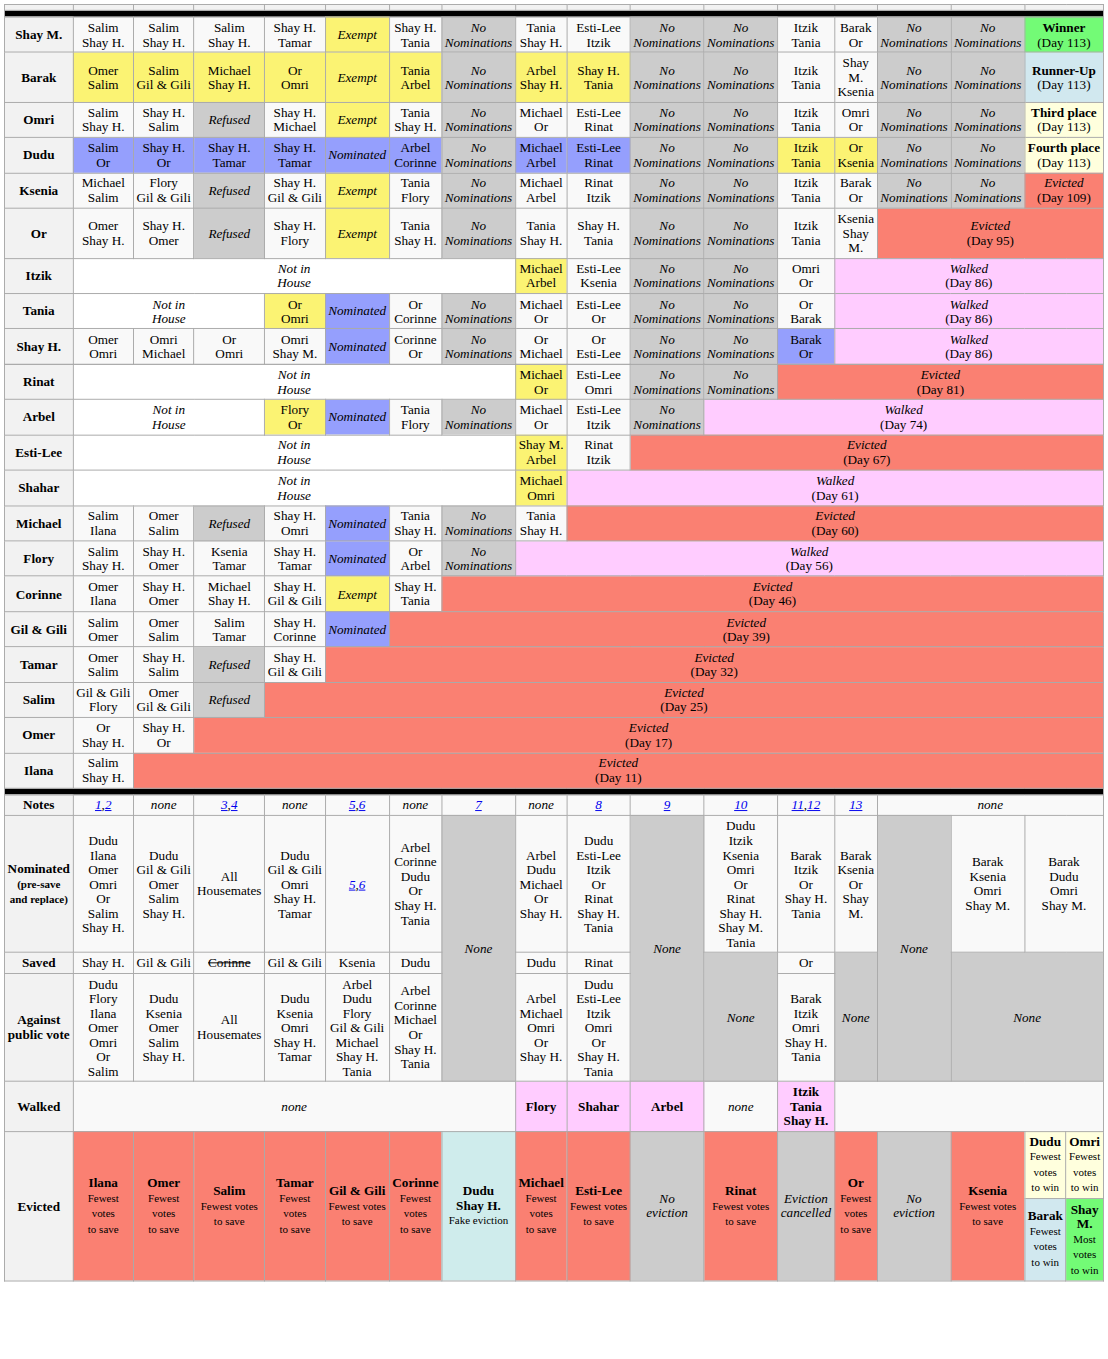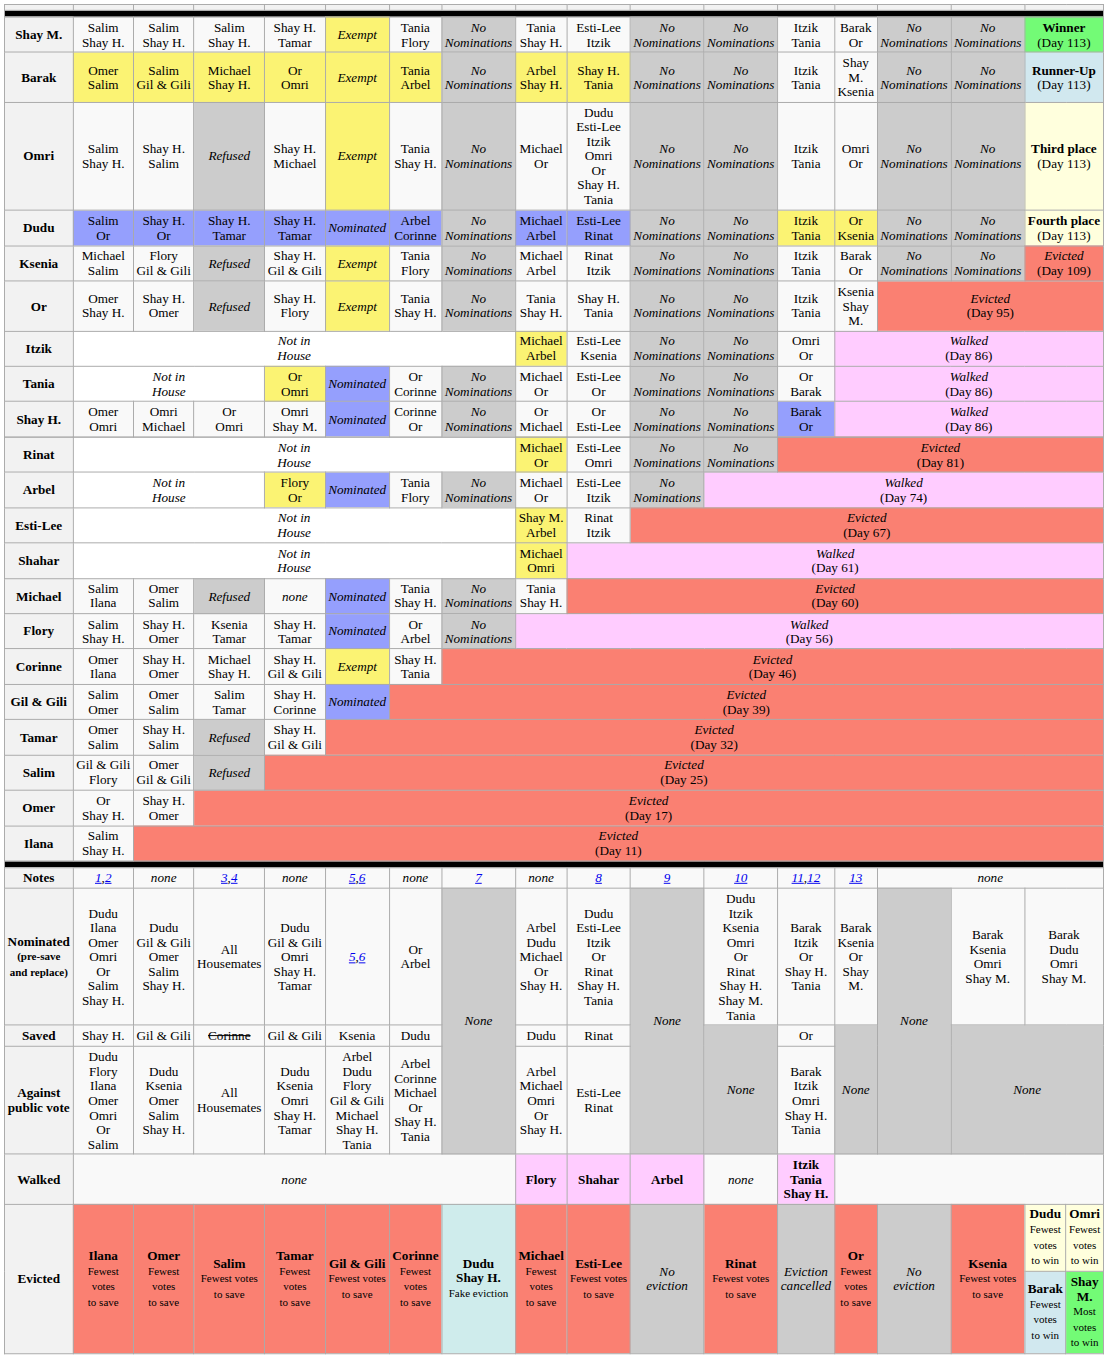 <table class="wikitable" style="font-size:85%; line-height:15px; text-align:center">
 <tr>
 <th style="width: 5%;"></th>
 <th style="width: 5%;"></th>
 <th style="width: 5%;"></th>
 <th style="width: 5%;"></th>
 <th style="width: 5%;"></th>
 <th style="width: 5%;"></th>
 <th style="width: 5%;"></th>
 <th style="width: 5%;"></th>
 <th style="width: 5%;"></th>
 <th style="width: 5%;"></th>
 <th style="width: 5%;"></th>
 <th style="width: 5%;"></th>
 <th style="width: 5%;"></th>
 <th style="width: 5%;"></th>
 <th style="width: 5%;"></th>
 <th style="width: 5%;"></th>
 <th style="width: 10%;" colspan="2"></th>
 </tr>
 <tr>
 <td colspan="18" style="background-color: black;"></td>
 </tr>
 <tr>
 <th>Shay M.</th>
 <td>Salim<br>Shay H.</td>
 <td>Salim<br>Shay H.</td>
 <td>Salim<br>Shay H.</td>
 <td>Shay H.<br>Tamar</td>
 <td style="background:#FBF373"><em>Exempt</em></td>
-<td>Shay H.<br>Tania</td>
+<td>Tania<br>Flory</td>
 <td style="background:#CCC"><em>No<br>Nominations</em></td>
 <td>Tania<br>Shay H.</td>
 <td>Esti-Lee<br>Itzik</td>
 <td style="background:#CCC"><em>No<br>Nominations</em></td>
 <td style="background:#CCC"><em>No<br>Nominations</em></td>
 <td>Itzik<br>Tania</td>
 <td>Barak<br>Or</td>
 <td style="background:#CCC"><em>No<br>Nominations</em></td>
 <td style="background:#CCC"><em>No<br>Nominations</em></td>
 <td colspan="2" style="background:#73FB76"><strong>Winner</strong><br>(Day 113)</td>
 </tr>
 <tr>
 <th>Barak</th>
 <td style="background:#FBF373">Omer<br>Salim</td>
 <td style="background:#FBF373" nowrap>Salim<br>Gil & Gili</td>
 <td style="background:#FBF373">Michael<br>Shay H.</td>
 <td style="background:#FBF373;">Or<br>Omri</td>
 <td style="background:#FBF373"><em>Exempt</em></td>
 <td style="background:#FBF373">Tania<br>Arbel</td>
 <td style="background:#CCC"><em>No<br>Nominations</em></td>
 <td style="background:#FBF373">Arbel<br>Shay H.</td>
 <td style="background:#FBF373">Shay H.<br>Tania</td>
 <td style="background:#CCC"><em>No<br>Nominations</em></td>
 <td style="background:#CCC"><em>No<br>Nominations</em></td>
 <td>Itzik<br>Tania</td>
 <td>Shay M.<br>Ksenia</td>
 <td style="background:#CCC"><em>No<br>Nominations</em></td>
 <td style="background:#CCC"><em>No<br>Nominations</em></td>
 <td colspan="2" style="background:#D1E8EF"><strong>Runner-Up</strong><br>(Day 113)</td>
 </tr>
 <tr>
 <th>Omri</th>
 <td>Salim<br>Shay H.</td>
 <td>Shay H.<br>Salim</td>
 <td style="background:#CCCCCC"><em>Refused</em></td>
 <td>Shay H.<br>Michael</td>
 <td style="background:#FBF373"><em>Exempt</em></td>
 <td>Tania<br>Shay H.</td>
 <td style="background:#CCC"><em>No<br>Nominations</em></td>
 <td>Michael<br>Or</td>
-<td>Esti-Lee<br>Rinat</td>
+<td>Dudu<br>Esti-Lee<br>Itzik<br>Omri<br>Or<br>Shay H.<br>Tania</td>
 <td style="background:#CCC"><em>No<br>Nominations</em></td>
 <td style="background:#CCC"><em>No<br>Nominations</em></td>
 <td>Itzik<br>Tania</td>
 <td>Omri<br>Or</td>
 <td style="background:#CCC"><em>No<br>Nominations</em></td>
 <td style="background:#CCC"><em>No<br>Nominations</em></td>
 <td colspan="2" style="background:#FFFFDD"><strong>Third place</strong><br>(Day 113)</td>
 </tr>
 <tr>
 <th>Dudu</th>
 <td style="background:#959ffd">Salim<br>Or</td>
 <td style="background:#959ffd">Shay H.<br>Or</td>
 <td style="background:#959ffd">Shay H. <br>Tamar</td>
 <td style="background:#959ffd">Shay H.<br>Tamar</td>
 <td style="background:#959ffd"><em>Nominated</em></td>
 <td style="background:#959ffd">Arbel<br>Corinne</td>
 <td style="background:#CCC"><em>No<br>Nominations</em></td>
 <td style="background:#959ffd">Michael<br>Arbel</td>
 <td style="background:#959ffd">Esti-Lee<br>Rinat</td>
 <td style="background:#CCC"><em>No<br>Nominations</em></td>
 <td style="background:#CCC"><em>No<br>Nominations</em></td>
 <td style="background:#FBF373">Itzik<br>Tania</td>
 <td style="background:#FBF373">Or<br>Ksenia</td>
 <td style="background:#CCC"><em>No<br>Nominations</em></td>
 <td style="background:#CCC"><em>No<br>Nominations</em></td>
 <td colspan="2" style="background:#FFFFDD"><strong>Fourth place</strong><br>(Day 113)</td>
 </tr>
 <tr>
 <th>Ksenia</th>
 <td>Michael<br>Salim</td>
 <td>Flory<br>Gil & Gili</td>
 <td style="background:#CCCCCC"><em>Refused</em></td>
 <td nowrap>Shay H.<br>Gil & Gili</td>
 <td style="background:#FBF373"><em>Exempt</em></td>
 <td>Tania<br>Flory</td>
 <td style="background:#CCC"><em>No<br>Nominations</em></td>
 <td>Michael<br>Arbel</td>
 <td>Rinat<br>Itzik</td>
 <td style="background:#CCC"><em>No<br>Nominations</em></td>
 <td style="background:#CCC"><em>No<br>Nominations</em></td>
 <td>Itzik<br>Tania</td>
 <td>Barak<br>Or</td>
 <td style="background:#CCC"><em>No<br>Nominations</em></td>
 <td style="background:#CCC"><em>No<br>Nominations</em></td>
 <td colspan="3" style="background:#FA8072"><em>Evicted</em><br>(Day 109)</td>
 </tr>
 <tr>
 <th>Or</th>
 <td>Omer<br>Shay H.</td>
 <td>Shay H.<br>Omer</td>
 <td style="background:#CCCCCC"><em>Refused</em></td>
 <td>Shay H.<br>Flory</td>
 <td style="background:#FBF373"><em>Exempt</em></td>
 <td>Tania<br>Shay H.</td>
 <td style="background:#CCC"><em>No<br>Nominations</em></td>
 <td>Tania<br>Shay H.</td>
 <td>Shay H.<br>Tania</td>
 <td style="background:#CCC"><em>No<br>Nominations</em></td>
 <td style="background:#CCC"><em>No<br>Nominations</em></td>
 <td>Itzik<br>Tania</td>
 <td>Ksenia<br>Shay M.</td>
 <td colspan="4" style="background:#FA8072"><em>Evicted</em><br>(Day 95)</td>
 </tr>
 <tr>
 <th>Itzik</th>
 <td colspan="7" style="background:#FFFFFF"><em>Not in<br>House</em></td>
 <td style="background:#FBF373;">Michael<br>Arbel</td>
 <td>Esti-Lee<br>Ksenia</td>
 <td style="background:#CCC"><em>No<br>Nominations</em></td>
 <td style="background:#CCC"><em>No<br>Nominations</em></td>
 <td>Omri<br>Or</td>
 <td style="background:#FFCCFF" colspan="5"><em>Walked</em><br>(Day 86)</td>
 </tr>
 <tr>
 <th>Tania</th>
 <td colspan="3" style="background:#FFFFFF"><em>Not in<br>House</em></td>
 <td style="background:#FBF373;">Or<br>Omri</td>
 <td style="background:#959ffd"><em>Nominated</em></td>
 <td>Or<br>Corinne</td>
 <td style="background:#CCC"><em>No<br>Nominations</em></td>
 <td>Michael<br>Or</td>
 <td>Esti-Lee<br>Or</td>
 <td style="background:#CCC"><em>No<br>Nominations</em></td>
 <td style="background:#CCC"><em>No<br>Nominations</em></td>
 <td>Or<br>Barak</td>
 <td style="background:#FFCCFF" colspan="5"><em>Walked</em><br>(Day 86)</td>
 </tr>
 <tr>
 <th>Shay H.</th>
 <td>Omer<br>Omri</td>
 <td>Omri<br>Michael</td>
 <td>Or<br>Omri</td>
 <td>Omri<br>Shay M.</td>
 <td style="background:#959ffd"><em>Nominated</em></td>
 <td>Corinne<br>Or</td>
 <td style="background:#CCC"><em>No<br>Nominations</em></td>
 <td>Or<br>Michael</td>
 <td>Or<br>Esti-Lee</td>
 <td style="background:#CCC"><em>No<br>Nominations</em></td>
 <td style="background:#CCC"><em>No<br>Nominations</em></td>
 <td style="background:#959ffd">Barak<br>Or</td>
 <td style="background:#FFCCFF" colspan="5"><em>Walked</em><br>(Day 86)</td>
 </tr>
 <tr>
 </tr>
 <tr>
 <th>Rinat</th>
 <td colspan="7" style="background:#FFFFFF"><em>Not in<br>House</em></td>
 <td style="background:#FBF373;">Michael<br>Or</td>
 <td>Esti-Lee<br>Omri</td>
 <td style="background:#CCC"><em>No<br>Nominations</em></td>
 <td style="background:#CCC"><em>No<br>Nominations</em></td>
 <td colspan="6" style="background:#FA8072"><em>Evicted</em><br>(Day 81)</td>
 </tr>
 <tr>
 <th>Arbel</th>
 <td colspan="3" style="background:#FFFFFF"><em>Not in<br>House</em></td>
 <td style="background:#FBF373;">Flory<br>Or</td>
 <td style="background:#959ffd"><em>Nominated</em></td>
 <td>Tania<br>Flory</td>
 <td style="background:#CCC"><em>No<br>Nominations</em></td>
 <td>Michael<br>Or</td>
 <td>Esti-Lee<br>Itzik</td>
 <td style="background:#CCC"><em>No<br>Nominations</em></td>
 <td style="background:#FFCCFF" colspan="7"><em>Walked</em><br>(Day 74)</td>
 </tr>
 <tr>
 <th>Esti-Lee</th>
 <td colspan="7" style="background:#FFFFFF"><em>Not in<br>House</em></td>
 <td style="background:#FBF373;">Shay M.<br>Arbel</td>
 <td>Rinat<br>Itzik</td>
 <td colspan="8" style="background:#FA8072"><em>Evicted</em><br>(Day 67)</td>
 </tr>
 <tr>
 <th>Shahar</th>
 <td colspan="7" style="background:#FFFFFF"><em>Not in<br>House</em></td>
 <td style="background:#FBF373;">Michael<br>Omri</td>
 <td style="background:#FFCCFF" colspan="9"><em>Walked</em><br>(Day 61)</td>
 </tr>
 <tr>
 <th>Michael</th>
 <td>Salim<br>Ilana</td>
 <td>Omer<br>Salim</td>
 <td style="background:#CCCCCC"><em>Refused</em></td>
-<td>Shay H.<br>Omri</td>
+<td><em>none</em></td>
 <td style="background:#959ffd"><em>Nominated</em></td>
 <td>Tania<br>Shay H.</td>
 <td style="background:#CCC"><em>No<br>Nominations</em></td>
 <td>Tania<br>Shay H.</td>
 <td colspan=9 style="background:#FA8072"><em>Evicted</em><br>(Day 60)</td>
 </tr>
 <tr>
 <th>Flory</th>
 <td>Salim<br>Shay H.</td>
 <td>Shay H.<br>Omer</td>
 <td>Ksenia<br>Tamar</td>
 <td>Shay H.<br>Tamar</td>
 <td style="background:#959ffd"><em>Nominated</em></td>
 <td>Or<br>Arbel</td>
 <td style="background:#CCC"><em>No<br>Nominations</em></td>
 <td style="background:#FFCCFF" colspan="10"><em>Walked</em><br>(Day 56)</td>
 </tr>
 <tr>
 <th>Corinne</th>
 <td>Omer<br>Ilana</td>
 <td>Shay H.<br>Omer</td>
 <td>Michael <br>Shay H.</td>
 <td>Shay H.<br>Gil & Gili</td>
 <td style="background:#FBF373"><em>Exempt</em></td>
 <td>Shay H.<br>Tania</td>
 <td colspan="11" style="background:#FA8072"><em>Evicted</em><br>(Day 46)</td>
 </tr>
 <tr>
 <th>Gil & Gili</th>
 <td>Salim<br>Omer</td>
 <td>Omer<br>Salim</td>
 <td>Salim<br>Tamar</td>
 <td>Shay H.<br>Corinne</td>
 <td style="background:#959ffd"><em>Nominated</em></td>
 <td colspan="12" style="background:#FA8072"><em>Evicted</em><br>(Day 39)</td>
 </tr>
 <tr>
 <th>Tamar</th>
 <td>Omer<br>Salim</td>
 <td>Shay H.<br>Salim</td>
 <td style="background:#CCCCCC"><em>Refused</em></td>
 <td>Shay H.<br>Gil & Gili</td>
 <td colspan="13" style="background:#FA8072"><em>Evicted</em><br>(Day 32)</td>
 </tr>
 <tr>
 <th>Salim</th>
 <td nowrap>Gil & Gili<br>Flory</td>
 <td>Omer<br>Gil & Gili</td>
 <td style="background:#CCCCCC"><em>Refused</em></td>
 <td colspan="14" style="background:#FA8072"><em>Evicted</em><br>(Day 25)</td>
 </tr>
 <tr>
 <th>Omer</th>
 <td>Or<br>Shay H.</td>
-<td>Shay H.<br>Or</td>
+<td>Shay H.<br>Omer</td>
 <td colspan="15" style="background:#FA8072"><em>Evicted</em><br>(Day 17)</td>
 </tr>
 <tr>
 <th>Ilana</th>
 <td>Salim<br>Shay H.</td>
 <td colspan="16" style="background:#FA8072"><em>Evicted</em><br>(Day 11)</td>
 </tr>
 <tr>
 <td colspan="18" style="background-color: black;"></td>
 </tr>
 <tr>
 <th>Notes</th>
 <td><em><a href='#'>1</a></em>,<em><a href='#'>2</a></em></td>
 <td><em>none</em></td>
 <td><em><a href='#'>3</a></em>,<em><a href='#'>4</a></em></td>
 <td><em>none</em></td>
 <td><em><a href='#'>5</a></em>,<em><a href='#'>6</a></em></td>
 <td><em>none</em></td>
 <td><em><a href='#'>7</a></em></td>
 <td><em>none</em></td>
 <td><em><a href='#'>8</a></em></td>
 <td><em><a href='#'>9</a></em></td>
 <td><em><a href='#'>10</a></em></td>
 <td><em><a href='#'>11</a></em>,<em><a href='#'>12</a></em></td>
 <td><em><a href='#'>13</a></em></td>
 <td colspan="4"><em>none</em></td>
 </tr>
 <tr>
 <th>Nominated<br><small>(pre-save and replace)</small></th>
 <td>Dudu<br>Ilana<br>Omer<br>Omri<br>Or<br>Salim<br>Shay H.</td>
 <td>Dudu<br>Gil & Gili<br>Omer<br>Salim<br>Shay H.</td>
 <td>All<br>Housemates</td>
 <td>Dudu<br>Gil & Gili<br>Omri<br>Shay H.<br>Tamar</td>
 <td><em><a href='#'>5</a></em>,<em><a href='#'>6</a></em></td>
-<td>Arbel<br>Corinne<br>Dudu<br>Or<br>Shay H.<br>Tania</td>
+<td>Or<br>Arbel</td>
 <td rowspan="3" style="background:#CCC"><em>None</em></td>
 <td>Arbel<br>Dudu<br>Michael<br>Or<br>Shay H.</td>
 <td>Dudu<br>Esti-Lee<br>Itzik<br>Or<br>Rinat<br>Shay H.<br>Tania</td>
 <td rowspan="3" style="background:#CCC"><em>None</em></td>
 <td>Dudu<br>Itzik<br>Ksenia<br>Omri<br>Or<br>Rinat<br>Shay H.<br>Shay M.<br>Tania</td>
 <td>Barak<br>Itzik<br>Or<br>Shay H.<br>Tania</td>
 <td>Barak<br>Ksenia<br>Or<br>Shay M.</td>
 <td rowspan="3" style="background:#CCC"><em>None</em></td>
 <td>Barak<br>Ksenia<br>Omri<br>Shay M.</td>
 <td colspan="2">Barak<br>Dudu<br>Omri<br>Shay M.</td>
 </tr>
 <tr>
 <th>Saved</th>
 <td>Shay H.</td>
 <td>Gil & Gili</td>
 <td><s>Corinne</s></td>
 <td>Gil & Gili</td>
 <td>Ksenia</td>
 <td>Dudu</td>
 <td>Dudu</td>
 <td>Rinat</td>
 <td rowspan="2" style="background:#CCC"><em>None</em></td>
 <td>Or</td>
 <td rowspan="2" style="background:#CCC"><em>None</em></td>
 <td colspan="3" rowspan="2" style="background:#CCC"><em>None</em></td>
 </tr>
 <tr>
 <th>Against<br>public vote</th>
 <td>Dudu<br>Flory<br>Ilana<br>Omer<br>Omri<br>Or<br>Salim</td>
 <td>Dudu<br>Ksenia<br>Omer<br>Salim<br>Shay H.</td>
 <td>All<br>Housemates</td>
 <td>Dudu<br>Ksenia<br>Omri<br>Shay H.<br>Tamar</td>
 <td>Arbel<br>Dudu<br>Flory<br>Gil & Gili<br>Michael<br>Shay H.<br>Tania</td>
 <td>Arbel<br>Corinne<br>Michael<br>Or<br>Shay H.<br>Tania</td>
 <td>Arbel<br>Michael<br>Omri<br>Or<br>Shay H.</td>
-<td>Dudu<br>Esti-Lee<br>Itzik<br>Omri<br>Or<br>Shay H.<br>Tania</td>
+<td>Esti-Lee<br>Rinat</td>
 <td>Barak<br>Itzik<br>Omri<br>Shay H.<br>Tania</td>
 </tr>
 <tr>
 <th>Walked</th>
 <td colspan="7"><em>none</em></td>
 <td style="background:#FFCCFF"><strong>Flory</strong></td>
 <td style="background:#FFCCFF"><strong>Shahar</strong></td>
 <td style="background:#FFCCFF"><strong>Arbel</strong></td>
 <td><em>none</em></td>
 <td style="background:#FFCCFF"><strong>Itzik</strong><br><strong>Tania</strong><br><strong>Shay H.</strong></td>
 <td colspan="5"></td>
 </tr>
 <tr>
 <th rowspan="2">Evicted</th>
 <td style="background:#FA8072" rowspan="2"><strong>Ilana</strong><br><small>Fewest votes<br>to save</small></td>
 <td style="background:#FA8072" rowspan="2"><strong>Omer</strong><br><small>Fewest votes<br>to save</small></td>
 <td style="background:#FA8072" rowspan="2"><strong>Salim </strong><br><small>Fewest votes<br>to save</small></td>
 <td style="background:#FA8072" rowspan="2"><strong>Tamar </strong><br><small>Fewest votes<br>to save</small></td>
 <td style="background:#FA8072" rowspan="2"><strong>Gil & Gili </strong><br><small>Fewest votes<br>to save</small></td>
 <td style="background:#FA8072" rowspan="2"><strong>Corinne </strong><br><small>Fewest votes<br>to save</small></td>
 <td style="background:#cfecec" rowspan="2"><strong>Dudu</strong><br><strong>Shay H.</strong><br><small>Fake eviction</small></td>
 <td style="background:#FA8072" rowspan="2"><strong>Michael </strong><br><small>Fewest votes<br>to save</small></td>
 <td style="background:#FA8072" rowspan="2" nowrap><strong>Esti-Lee </strong><br><small>Fewest votes<br>to save</small></td>
 <td style="background:#ccc" rowspan="2"><em>No<br>eviction</em></td>
 <td style="background:#FA8072" rowspan="2"><strong>Rinat </strong><br><small>Fewest votes<br>to save</small></td>
 <td style="background:#ccc" rowspan="2"><em>Eviction<br>cancelled</em></td>
 <td style="background:#FA8072" rowspan="2"><strong>Or</strong><br><small>Fewest votes<br>to save</small></td>
 <td style="background:#ccc" rowspan="2"><em>No<br>eviction</em></td>
 <td style="background:#FA8072" rowspan="2"><strong>Ksenia </strong><br><small>Fewest votes<br>to save</small></td>
 <td style="background:#FFFFDD"><strong>Dudu</strong><br><small>Fewest votes<br>to win</small></td>
 <td style="background:#FFFFDD"><strong>Omri</strong><br><small>Fewest votes<br>to win</small></td>
 </tr>
 <tr>
 <td style="background:#D1E8EF"><strong>Barak</strong><br><small>Fewest votes<br>to win</small></td>
 <td style="background:#73FB76"><strong>Shay M.</strong><br><small>Most votes<br>to win</small></td>
 </tr>
 </table>
